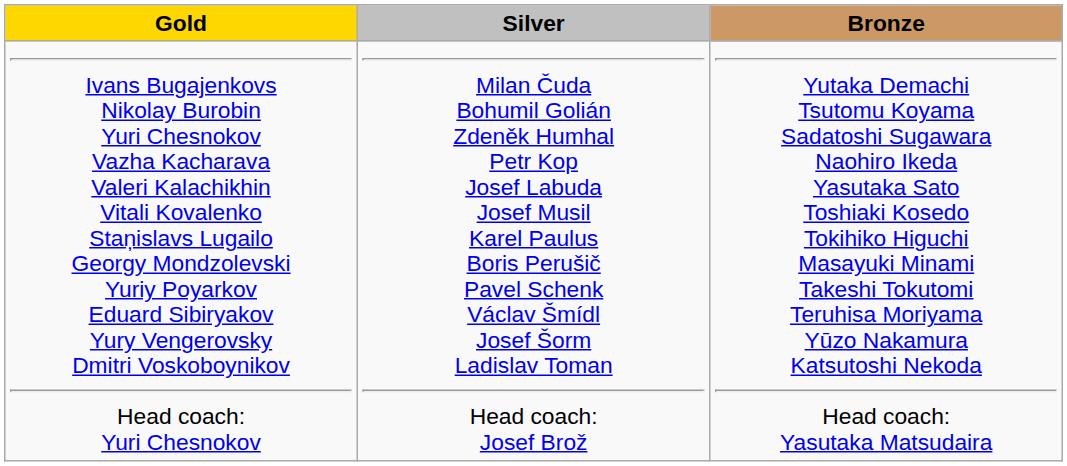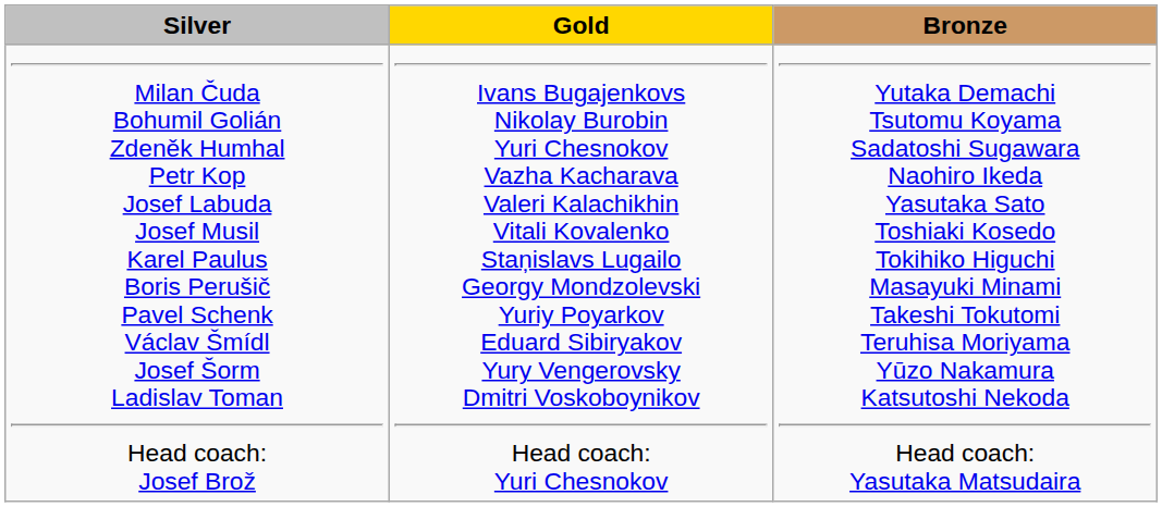 <table class="wikitable" style="text-align:center; font-size:95%;">
 <tr>
+<th style="width:15em; background:silver">Silver</th>
 <th style="width:15em; background:gold">Gold</th>
-<th style="width:15em; background:silver">Silver</th>
 <th style="width:15em; background:#cc9966">Bronze</th>
 </tr>
 <tr>
+<td><hr><a href='#'>Milan Čuda</a><br><a href='#'>Bohumil Golián</a><br><a href='#'>Zdeněk Humhal</a><br><a href='#'>Petr Kop</a><br><a href='#'>Josef Labuda</a><br><a href='#'>Josef Musil</a><br><a href='#'>Karel Paulus</a><br><a href='#'>Boris Perušič</a><br><a href='#'>Pavel Schenk</a><br><a href='#'>Václav Šmídl</a><br><a href='#'>Josef Šorm</a><br><a href='#'>Ladislav Toman</a><br><hr>Head coach:<br><a href='#'>Josef Brož</a></td>
 <td><hr><a href='#'>Ivans Bugajenkovs</a><br><a href='#'>Nikolay Burobin</a><br><a href='#'>Yuri Chesnokov</a><br><a href='#'>Vazha Kacharava</a><br><a href='#'>Valeri Kalachikhin</a><br><a href='#'>Vitali Kovalenko</a><br><a href='#'>Staņislavs Lugailo</a><br><a href='#'>Georgy Mondzolevski</a><br><a href='#'>Yuriy Poyarkov</a><br><a href='#'>Eduard Sibiryakov</a><br><a href='#'>Yury Vengerovsky</a><br><a href='#'>Dmitri Voskoboynikov</a><br><hr>Head coach:<br><a href='#'>Yuri Chesnokov</a></td>
-<td><hr><a href='#'>Milan Čuda</a><br><a href='#'>Bohumil Golián</a><br><a href='#'>Zdeněk Humhal</a><br><a href='#'>Petr Kop</a><br><a href='#'>Josef Labuda</a><br><a href='#'>Josef Musil</a><br><a href='#'>Karel Paulus</a><br><a href='#'>Boris Perušič</a><br><a href='#'>Pavel Schenk</a><br><a href='#'>Václav Šmídl</a><br><a href='#'>Josef Šorm</a><br><a href='#'>Ladislav Toman</a><br><hr>Head coach:<br><a href='#'>Josef Brož</a></td>
 <td><hr><a href='#'>Yutaka Demachi</a><br><a href='#'>Tsutomu Koyama</a><br><a href='#'>Sadatoshi Sugawara</a><br><a href='#'>Naohiro Ikeda</a><br><a href='#'>Yasutaka Sato</a><br><a href='#'>Toshiaki Kosedo</a><br><a href='#'>Tokihiko Higuchi</a><br><a href='#'>Masayuki Minami</a><br><a href='#'>Takeshi Tokutomi</a><br><a href='#'>Teruhisa Moriyama</a><br><a href='#'>Yūzo Nakamura</a><br><a href='#'>Katsutoshi Nekoda</a><br><hr>Head coach:<br><a href='#'>Yasutaka Matsudaira</a></td>
 </tr>
 </table>
